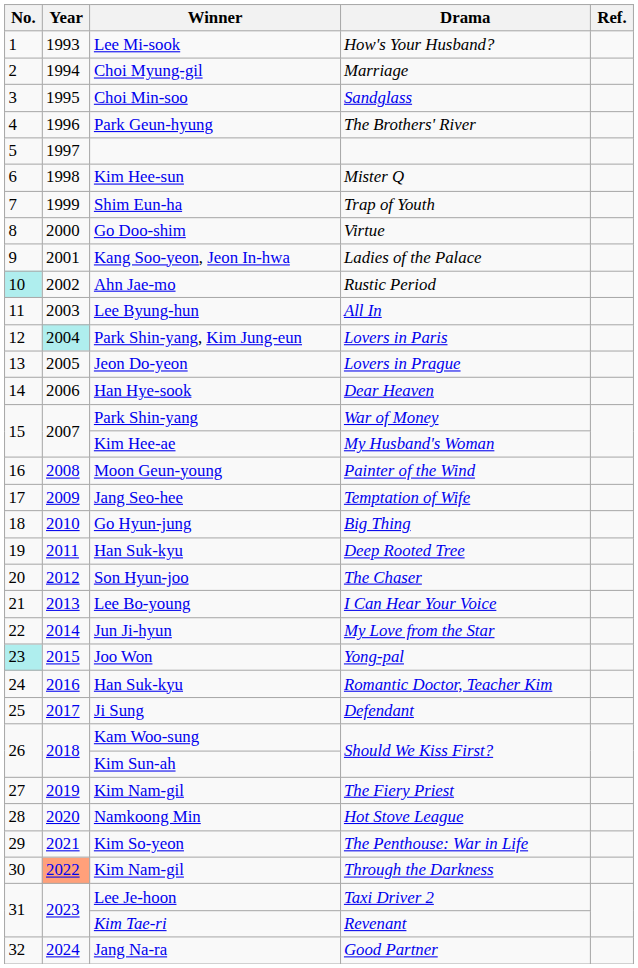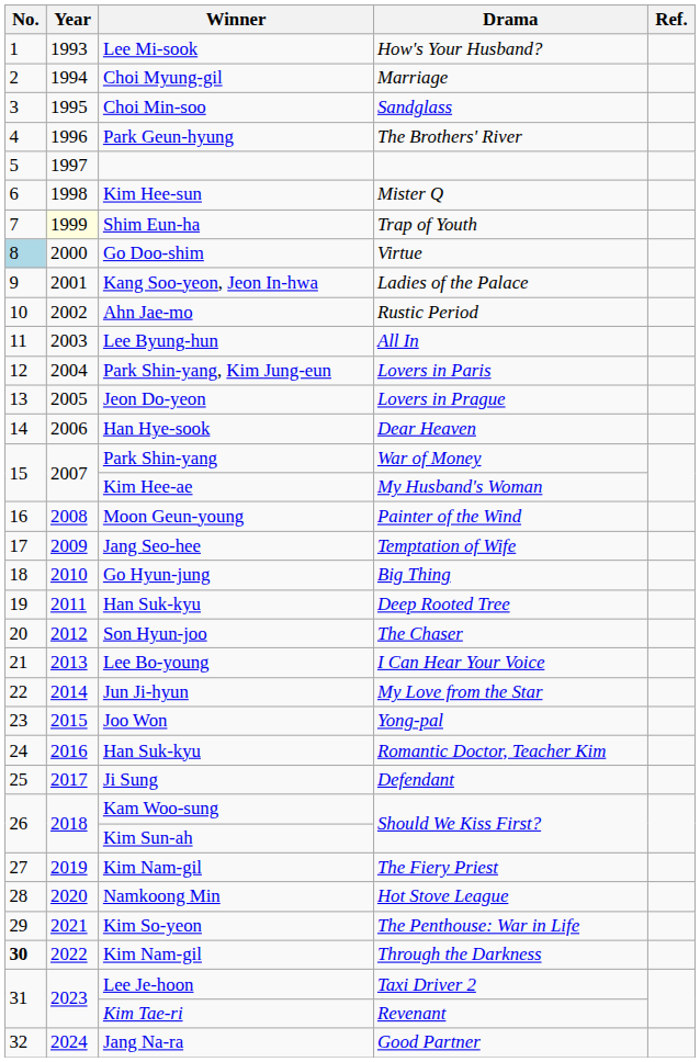 <table class="wikitable" style="width:600px">
 <tr>
 <th>No.</th>
 <th>Year</th>
 <th>Winner</th>
 <th>Drama</th>
 <th>Ref.</th>
 </tr>
 <tr>
 <td>1</td>
 <td>1993</td>
 <td><a href='#'>Lee Mi-sook</a></td>
 <td><em>How's Your Husband?</em></td>
 <td></td>
 </tr>
 <tr>
 <td>2</td>
 <td>1994</td>
 <td><a href='#'>Choi Myung-gil</a></td>
 <td><em>Marriage</em></td>
 <td></td>
 </tr>
 <tr>
 <td>3</td>
 <td>1995</td>
 <td><a href='#'>Choi Min-soo</a></td>
 <td><em><a href='#'>Sandglass</a></em></td>
 <td></td>
 </tr>
 <tr>
 <td>4</td>
 <td>1996</td>
 <td><a href='#'>Park Geun-hyung</a></td>
 <td><em>The Brothers' River</em></td>
 <td></td>
 </tr>
 <tr>
 <td>5</td>
 <td>1997</td>
 <td></td>
 <td></td>
 <td></td>
 </tr>
 <tr>
 <td>6</td>
 <td>1998</td>
 <td><a href='#'>Kim Hee-sun</a></td>
 <td><em>Mister Q</em></td>
 <td></td>
 </tr>
 <tr>
 <td>7</td>
-<td>1999</td>
+<td style="background: lightyellow;">1999</td>
 <td><a href='#'>Shim Eun-ha</a></td>
 <td><em>Trap of Youth</em></td>
 <td></td>
 </tr>
 <tr>
-<td>8</td>
+<td style="background: lightblue;">8</td>
 <td>2000</td>
 <td><a href='#'>Go Doo-shim</a></td>
 <td><em>Virtue</em></td>
 <td></td>
 </tr>
 <tr>
 <td>9</td>
 <td>2001</td>
 <td><a href='#'>Kang Soo-yeon</a>, <a href='#'>Jeon In-hwa</a></td>
 <td><em>Ladies of the Palace</em></td>
 <td></td>
 </tr>
 <tr>
-<td style="background: paleturquoise;">10</td>
+<td>10</td>
 <td>2002</td>
 <td><a href='#'>Ahn Jae-mo</a></td>
 <td><em>Rustic Period</em></td>
 <td></td>
 </tr>
 <tr>
 <td>11</td>
 <td>2003</td>
 <td><a href='#'>Lee Byung-hun</a></td>
 <td><em><a href='#'>All In</a></em></td>
 <td></td>
 </tr>
 <tr>
 <td>12</td>
-<td style="background: paleturquoise;">2004</td>
+<td>2004</td>
 <td><a href='#'>Park Shin-yang</a>, <a href='#'>Kim Jung-eun</a></td>
 <td><em><a href='#'>Lovers in Paris</a></em></td>
 <td></td>
 </tr>
 <tr>
 <td>13</td>
 <td>2005</td>
 <td><a href='#'>Jeon Do-yeon</a></td>
 <td><em><a href='#'>Lovers in Prague</a></em></td>
 <td></td>
 </tr>
 <tr>
 <td>14</td>
 <td>2006</td>
 <td><a href='#'>Han Hye-sook</a></td>
 <td><em><a href='#'>Dear Heaven</a></em></td>
 <td></td>
 </tr>
 <tr>
 <td rowspan="2">15</td>
 <td rowspan="2">2007</td>
 <td><a href='#'>Park Shin-yang</a></td>
 <td><em><a href='#'>War of Money</a></em></td>
 <td rowspan=2></td>
 </tr>
 <tr>
 <td><a href='#'>Kim Hee-ae</a></td>
 <td><em><a href='#'>My Husband's Woman</a></em></td>
 </tr>
 <tr>
 <td>16</td>
 <td><a href='#'>2008</a></td>
 <td><a href='#'>Moon Geun-young</a></td>
 <td><em><a href='#'>Painter of the Wind</a></em></td>
 <td></td>
 </tr>
 <tr>
 <td>17</td>
 <td><a href='#'>2009</a></td>
 <td><a href='#'>Jang Seo-hee</a></td>
 <td><em><a href='#'>Temptation of Wife</a></em></td>
 <td></td>
 </tr>
 <tr>
 <td>18</td>
 <td><a href='#'>2010</a></td>
 <td><a href='#'>Go Hyun-jung</a></td>
 <td><em><a href='#'>Big Thing</a></em></td>
 <td></td>
 </tr>
 <tr>
 <td>19</td>
 <td><a href='#'>2011</a></td>
 <td><a href='#'>Han Suk-kyu</a></td>
 <td><em><a href='#'>Deep Rooted Tree</a></em></td>
 <td></td>
 </tr>
 <tr>
 <td>20</td>
 <td><a href='#'>2012</a></td>
 <td><a href='#'>Son Hyun-joo</a></td>
 <td><em><a href='#'>The Chaser</a></em></td>
 <td></td>
 </tr>
 <tr>
 <td>21</td>
 <td><a href='#'>2013</a></td>
 <td><a href='#'>Lee Bo-young</a></td>
 <td><em><a href='#'>I Can Hear Your Voice</a></em></td>
 <td></td>
 </tr>
 <tr>
 <td>22</td>
 <td><a href='#'>2014</a></td>
 <td><a href='#'>Jun Ji-hyun</a></td>
 <td><em><a href='#'>My Love from the Star</a></em></td>
 <td></td>
 </tr>
 <tr>
-<td style="background: paleturquoise;">23</td>
+<td>23</td>
 <td><a href='#'>2015</a></td>
 <td><a href='#'>Joo Won</a></td>
 <td><em><a href='#'>Yong-pal</a></em></td>
 <td></td>
 </tr>
 <tr>
 <td>24</td>
 <td><a href='#'>2016</a></td>
 <td><a href='#'>Han Suk-kyu</a></td>
 <td><em><a href='#'>Romantic Doctor, Teacher Kim</a></em></td>
 <td></td>
 </tr>
 <tr>
 <td>25</td>
 <td><a href='#'>2017</a></td>
 <td><a href='#'>Ji Sung</a></td>
 <td><em><a href='#'>Defendant</a></em></td>
 <td></td>
 </tr>
 <tr>
 <td rowspan=2>26</td>
 <td rowspan=2><a href='#'>2018</a></td>
 <td><a href='#'>Kam Woo-sung</a></td>
 <td rowspan=2><em><a href='#'>Should We Kiss First?</a></em></td>
 <td rowspan=2></td>
 </tr>
 <tr>
 <td><a href='#'>Kim Sun-ah</a></td>
 </tr>
 <tr>
 <td>27</td>
 <td><a href='#'>2019</a></td>
 <td><a href='#'>Kim Nam-gil</a></td>
 <td><em><a href='#'>The Fiery Priest</a></em></td>
 <td></td>
 </tr>
 <tr>
 <td>28</td>
 <td><a href='#'>2020</a></td>
 <td><a href='#'>Namkoong Min</a></td>
 <td><em><a href='#'>Hot Stove League</a></em></td>
 <td></td>
 </tr>
 <tr>
 <td>29</td>
 <td><a href='#'>2021</a></td>
 <td><a href='#'>Kim So-yeon</a></td>
 <td><em><a href='#'>The Penthouse: War in Life</a></em></td>
 <td></td>
 </tr>
 <tr>
-<td>30</td>
-<td style="background: lightsalmon;"><a href='#'>2022</a></td>
+<td><strong>30</strong></td>
+<td><a href='#'>2022</a></td>
 <td><a href='#'>Kim Nam-gil</a></td>
 <td><em><a href='#'>Through the Darkness</a></em></td>
 <td></td>
 </tr>
 <tr>
 <td rowspan="2">31</td>
 <td rowspan="2"><a href='#'>2023</a></td>
 <td><a href='#'>Lee Je-hoon</a></td>
 <td><em><a href='#'>Taxi Driver 2</a></em></td>
 <td rowspan=2></td>
 </tr>
 <tr>
 <td><em><a href='#'>Kim Tae-ri</a></em></td>
 <td><em><a href='#'>Revenant</a></em></td>
 </tr>
 <tr>
 <td>32</td>
 <td><a href='#'>2024</a></td>
 <td><a href='#'>Jang Na-ra</a></td>
 <td><em><a href='#'>Good Partner</a></em></td>
 <td></td>
 </tr>
 <tr>
 </tr>
 </table>
